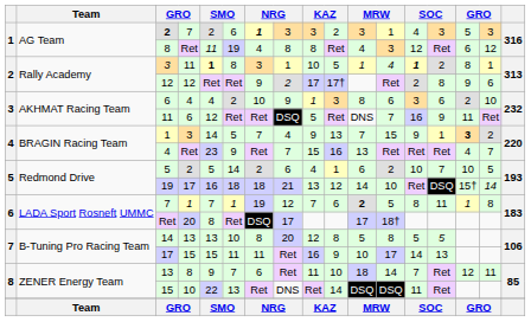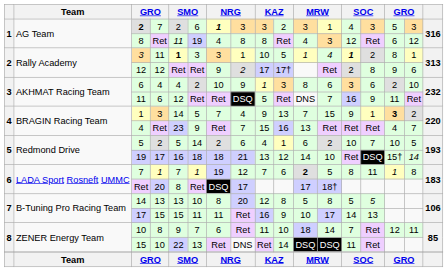 <table align=left| class="wikitable" style="font-size: 90%; text-align: center">
 <tr valign="top">
 <th valign="middle"></th>
 <th valign="middle">Team</th>
 <th colspan=2><a href='#'>GRO</a></th>
 <th colspan=2><a href='#'>SMO</a></th>
 <th colspan=2><a href='#'>NRG</a></th>
 <th colspan=2><a href='#'>KAZ</a></th>
 <th colspan=2><a href='#'>MRW</a></th>
 <th colspan=2><a href='#'>SOC</a></th>
 <th colspan=2><a href='#'>GRO</a></th>
 <th valign="middle"></th>
 </tr>
 <tr>
 <th rowspan="2">1</th>
 <td rowspan="2" align=left>AG Team</td>
 <td style="background:#dfdfdf;"><strong>2</strong></td>
 <td style="background:#dfffdf;">7</td>
 <td style="background:#dfdfdf;">2</td>
 <td style="background:#dfffdf;">6</td>
 <td style="background:#ffffbf;"><strong><em>1</em></strong></td>
 <td style="background:#ffdf9f;">3</td>
 <td style="background:#ffdf9f;">3</td>
 <td style="background:#dfffdf;">2</td>
 <td style="background:#ffdf9f;">3</td>
 <td style="background:#ffffbf;">1</td>
 <td style="background:#dfffdf;">4</td>
 <td style="background:#ffdf9f;">3</td>
 <td style="background:#dfffdf;">5</td>
 <td style="background:#ffdf9f;">3</td>
 <th rowspan="2">316</th>
 </tr>
 <tr>
 <td style="background:#dfffdf;">8</td>
 <td style="background:#efcfff;">Ret</td>
 <td style="background:#dfffdf;"><em>11</em></td>
 <td style="background:#cfcfff;">19</td>
 <td style="background:#dfffdf;">4</td>
 <td style="background:#dfffdf;">8</td>
 <td style="background:#dfffdf;">8</td>
 <td style="background:#efcfff;">Ret</td>
 <td style="background:#dfffdf;">4</td>
 <td style="background:#ffdf9f;">3</td>
 <td style="background:#dfffdf;">12</td>
 <td style="background:#efcfff;">Ret</td>
 <td style="background:#dfffdf;">6</td>
 <td style="background:#dfffdf;">12</td>
 </tr>
 <tr>
 <th rowspan="2">2</th>
 <td rowspan="2" align=left>Rally Academy</td>
 <td style="background:#ffdf9f;"><em>3</em></td>
 <td style="background:#dfffdf;">11</td>
 <td style="background:#ffffbf;"><strong>1</strong></td>
-<td style="background:#dfffdf;">8</td>
+<td style="background:#dfffdf;">3</td>
 <td style="background:#ffdf9f;">3</td>
 <td style="background:#ffffbf;">1</td>
 <td style="background:#dfffdf;">10</td>
 <td style="background:#dfffdf;">5</td>
 <td style="background:#ffffbf;"><em>1</em></td>
 <td style="background:#dfffdf;"><em>4</em></td>
 <td style="background:#ffffbf;"><strong><em>1</em></strong></td>
 <td style="background:#dfdfdf;">2</td>
 <td style="background:#dfffdf;">8</td>
 <td style="background:#ffffbf;">1</td>
 <th rowspan="2">313</th>
 </tr>
 <tr>
 <td style="background:#dfffdf;">12</td>
 <td style="background:#dfffdf;">12</td>
 <td style="background:#efcfff;">Ret</td>
 <td style="background:#efcfff;">Ret</td>
 <td style="background:#dfffdf;">9</td>
 <td style="background:#dfdfdf;"><em>2</em></td>
 <td style="background:#cfcfff;">17</td>
 <td style="background:#cfcfff;">17†</td>
 <td></td>
 <td style="background:#efcfff;">Ret</td>
 <td style="background:#dfdfdf;">2</td>
 <td style="background:#dfffdf;">8</td>
 <td style="background:#dfffdf;">9</td>
 <td style="background:#dfffdf;">6</td>
 </tr>
 <tr>
 <th rowspan="2">3</th>
 <td rowspan="2" align=left>AKHMAT Racing Team</td>
 <td style="background:#dfffdf;">6</td>
 <td style="background:#dfffdf;">4</td>
 <td style="background:#dfffdf;">4</td>
 <td style="background:#dfdfdf;">2</td>
 <td style="background:#dfffdf;">10</td>
 <td style="background:#dfffdf;">9</td>
 <td style="background:#ffffbf;"><em>1</em></td>
 <td style="background:#ffdf9f;">3</td>
 <td style="background:#dfffdf;">8</td>
 <td style="background:#dfffdf;">6</td>
 <td style="background:#ffdf9f;">3</td>
 <td style="background:#dfffdf;">6</td>
 <td style="background:#dfdfdf;">2</td>
 <td style="background:#dfffdf;">10</td>
 <th rowspan="2">232</th>
 </tr>
 <tr>
 <td style="background:#dfffdf;">11</td>
 <td style="background:#dfffdf;">6</td>
 <td style="background:#dfffdf;">12</td>
 <td style="background:#efcfff;">Ret</td>
 <td style="background:#efcfff;">Ret</td>
 <td style="background:black; color:white;">DSQ</td>
 <td style="background:#dfffdf;">5</td>
 <td style="background:#efcfff;">Ret</td>
 <td>DNS</td>
 <td style="background:#dfffdf;">7</td>
 <td style="background:#cfcfff;">16</td>
 <td style="background:#dfffdf;">9</td>
 <td style="background:#dfffdf;">11</td>
 <td style="background:#efcfff;">Ret</td>
 </tr>
 <tr>
 <th rowspan="2">4</th>
 <td rowspan="2" align=left>BRAGIN Racing Team</td>
 <td style="background:#ffffbf;">1</td>
 <td style="background:#ffdf9f;">3</td>
 <td style="background:#dfffdf;">14</td>
 <td style="background:#dfffdf;">5</td>
 <td style="background:#dfffdf;">7</td>
 <td style="background:#dfffdf;">4</td>
 <td style="background:#dfffdf;">9</td>
 <td style="background:#dfffdf;">13</td>
 <td style="background:#dfffdf;">7</td>
 <td style="background:#dfffdf;">15</td>
 <td style="background:#dfffdf;">9</td>
 <td style="background:#ffffbf;">1</td>
 <td style="background:#ffdf9f;"><strong>3</strong></td>
 <td style="background:#dfdfdf;">2</td>
 <th rowspan="2">220</th>
 </tr>
 <tr>
 <td style="background:#dfffdf;">4</td>
 <td style="background:#efcfff;">Ret</td>
 <td style="background:#cfcfff;">23</td>
 <td style="background:#dfffdf;">9</td>
 <td style="background:#efcfff;">Ret</td>
 <td style="background:#dfffdf;">7</td>
 <td style="background:#dfffdf;">15</td>
 <td style="background:#cfcfff;">16</td>
 <td style="background:#dfffdf;">13</td>
 <td style="background:#efcfff;">Ret</td>
 <td style="background:#efcfff;">Ret</td>
 <td style="background:#efcfff;">Ret</td>
 <td style="background:#dfffdf;">4</td>
 <td style="background:#dfffdf;">7</td>
 </tr>
 <tr>
 <th rowspan="2">5</th>
 <td rowspan="2" align=left>Redmond Drive</td>
 <td style="background:#dfffdf;">5</td>
 <td style="background:#dfdfdf;">2</td>
 <td style="background:#dfffdf;">5</td>
 <td style="background:#dfffdf;">14</td>
 <td style="background:#dfdfdf;">2</td>
 <td style="background:#dfffdf;">6</td>
 <td style="background:#dfffdf;">4</td>
 <td style="background:#ffffbf;">1</td>
 <td style="background:#dfffdf;">6</td>
 <td style="background:#dfdfdf;">2</td>
 <td style="background:#dfffdf;">10</td>
 <td style="background:#dfffdf;">7</td>
 <td style="background:#dfffdf;">10</td>
 <td style="background:#dfffdf;">5</td>
 <th rowspan="2">193</th>
 </tr>
 <tr>
 <td style="background:#cfcfff;">19</td>
 <td style="background:#cfcfff;">17</td>
 <td style="background:#cfcfff;">16</td>
 <td style="background:#cfcfff;">18</td>
 <td style="background:#cfcfff;">18</td>
 <td style="background:#cfcfff;">21</td>
 <td style="background:#dfffdf;">13</td>
 <td style="background:#dfffdf;">12</td>
 <td style="background:#dfffdf;">14</td>
 <td style="background:#dfffdf;">10</td>
 <td style="background:#efcfff;">Ret</td>
 <td style="background:black; color:white;">DSQ</td>
 <td style="background:#dfffdf;">15†</td>
 <td style="background:#dfffdf;"><em>14</em></td>
 </tr>
 <tr>
 <th rowspan="2">6</th>
 <td rowspan="2" align=left><a href='#'>LADA Sport</a> <a href='#'>Rosneft</a> <a href='#'>UMMC</a></td>
 <td style="background:#dfffdf;">7</td>
 <td style="background:#ffffbf;"><em>1</em></td>
 <td style="background:#dfffdf;">7</td>
 <td style="background:#ffffbf;"><em>1</em></td>
 <td style="background:#cfcfff;">19</td>
 <td style="background:#dfffdf;">12</td>
 <td style="background:#dfffdf;">7</td>
 <td style="background:#dfffdf;">6</td>
 <td style="background:#dfdfdf;"><strong>2</strong></td>
 <td style="background:#dfffdf;">5</td>
 <td style="background:#dfffdf;">8</td>
 <td style="background:#dfffdf;">11</td>
 <td style="background:#ffffbf;"><em>1</em></td>
 <td style="background:#dfffdf;">8</td>
 <th rowspan="2">183</th>
 </tr>
 <tr>
 <td style="background:#efcfff;">Ret</td>
 <td style="background:#cfcfff;">20</td>
 <td style="background:#dfffdf;">8</td>
 <td style="background:#efcfff;">Ret</td>
 <td style="background:black; color:white;">DSQ</td>
 <td style="background:#cfcfff;">17</td>
 <td></td>
 <td></td>
 <td style="background:#cfcfff;">17</td>
 <td style="background:#cfcfff;">18†</td>
 <td></td>
 <td></td>
 <td></td>
 <td></td>
 </tr>
 <tr>
 <th rowspan="2">7</th>
 <td rowspan="2" align=left>B-Tuning Pro Racing Team</td>
 <td style="background:#dfffdf;">14</td>
 <td style="background:#dfffdf;">13</td>
 <td style="background:#dfffdf;">13</td>
 <td style="background:#dfffdf;">10</td>
 <td style="background:#dfffdf;">8</td>
 <td style="background:#cfcfff;">20</td>
 <td style="background:#dfffdf;">12</td>
 <td style="background:#dfffdf;">8</td>
 <td style="background:#dfffdf;">5</td>
 <td style="background:#dfffdf;">8</td>
 <td style="background:#dfffdf;">5</td>
 <td style="background:#dfffdf;"><em>5</em></td>
 <td></td>
 <td></td>
 <th rowspan="2">106</th>
 </tr>
 <tr>
 <td style="background:#cfcfff;">17</td>
 <td style="background:#dfffdf;">15</td>
 <td style="background:#dfffdf;">15</td>
 <td style="background:#dfffdf;">11</td>
 <td style="background:#dfffdf;">11</td>
 <td style="background:#efcfff;">Ret</td>
 <td style="background:#cfcfff;">16</td>
 <td style="background:#dfffdf;">9</td>
 <td style="background:#dfffdf;">10</td>
 <td style="background:#cfcfff;">17</td>
 <td style="background:#dfffdf;">14</td>
 <td style="background:#dfffdf;">13</td>
 <td></td>
 <td></td>
 </tr>
 <tr>
 <th rowspan="2">8</th>
 <td rowspan="2" align=left>ZENER Energy Team</td>
-<td style="background:#dfffdf;">13</td>
+<td style="background:#dfffdf;">10</td>
 <td style="background:#dfffdf;">8</td>
 <td style="background:#dfffdf;">9</td>
 <td style="background:#dfffdf;">7</td>
 <td style="background:#dfffdf;">6</td>
 <td style="background:#efcfff;">Ret</td>
 <td style="background:#dfffdf;">11</td>
 <td style="background:#dfffdf;">10</td>
 <td style="background:#cfcfff;">18</td>
 <td style="background:#dfffdf;">14</td>
 <td style="background:#dfffdf;">7</td>
 <td style="background:#efcfff;">Ret</td>
 <td style="background:#dfffdf;">12</td>
 <td style="background:#dfffdf;">11</td>
 <th rowspan="2">85</th>
 </tr>
 <tr>
 <td style="background:#dfffdf;">15</td>
 <td style="background:#dfffdf;">10</td>
 <td style="background:#cfcfff;">22</td>
 <td style="background:#dfffdf;">13</td>
 <td style="background:#efcfff;">Ret</td>
 <td>DNS</td>
 <td style="background:#efcfff;">Ret</td>
 <td style="background:#dfffdf;">14</td>
 <td style="background:black; color:white;">DSQ</td>
 <td style="background:black; color:white;">DSQ</td>
 <td style="background:#dfffdf;">11</td>
 <td style="background:#efcfff;">Ret</td>
 <td></td>
 <td></td>
 </tr>
 <tr>
 </tr>
 <tr valign="top">
 <th valign="middle"></th>
 <th valign="middle">Team</th>
 <th colspan=2><a href='#'>GRO</a></th>
 <th colspan=2><a href='#'>SMO</a></th>
 <th colspan=2><a href='#'>NRG</a></th>
 <th colspan=2><a href='#'>KAZ</a></th>
 <th colspan=2><a href='#'>MRW</a></th>
 <th colspan=2><a href='#'>SOC</a></th>
 <th colspan=2><a href='#'>GRO</a></th>
 <th valign="middle"></th>
 </tr>
 </table>
